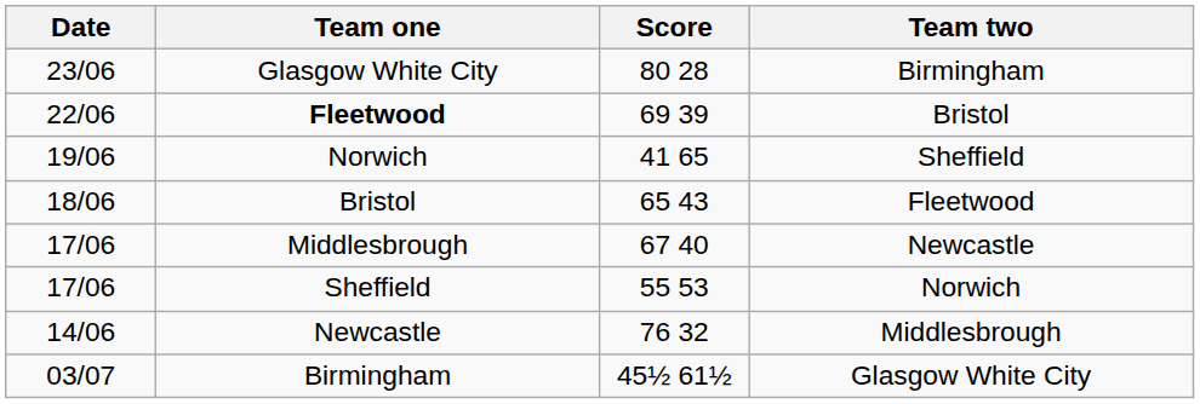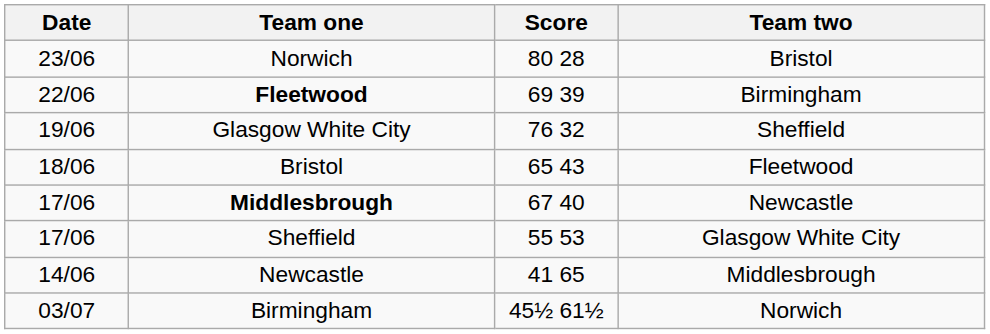 <table class="wikitable" style="text-align: center">
 <tr>
 <th width=80>Date</th>
 <th width=250>Team one</th>
 <th width=80>Score</th>
 <th width=250>Team two</th>
 </tr>
 <tr>
 <td>23/06</td>
-<td>Glasgow White City</td>
+<td>Norwich</td>
 <td>80	28</td>
-<td>Birmingham</td>
+<td>Bristol</td>
 </tr>
 <tr>
 <td>22/06</td>
 <td><strong>Fleetwood</strong></td>
 <td>69	39</td>
-<td>Bristol</td>
+<td>Birmingham</td>
 </tr>
 <tr>
 <td>19/06</td>
-<td>Norwich</td>
-<td>41	65</td>
+<td>Glasgow White City</td>
+<td>76	32</td>
 <td>Sheffield</td>
 </tr>
 <tr>
 <td>18/06</td>
 <td>Bristol</td>
 <td>65	43</td>
 <td>Fleetwood</td>
 </tr>
 <tr>
 <td>17/06</td>
-<td>Middlesbrough</td>
+<td><strong>Middlesbrough</strong></td>
 <td>67	40</td>
 <td>Newcastle</td>
 </tr>
 <tr>
 <td>17/06</td>
 <td>Sheffield</td>
 <td>55	53</td>
-<td>Norwich</td>
+<td>Glasgow White City</td>
 </tr>
 <tr>
 <td>14/06</td>
 <td>Newcastle</td>
-<td>76	32</td>
+<td>41	65</td>
 <td>Middlesbrough</td>
 </tr>
 <tr>
 <td>03/07</td>
 <td>Birmingham</td>
 <td>45½	61½</td>
-<td>Glasgow White City</td>
+<td>Norwich</td>
 </tr>
 </table>
